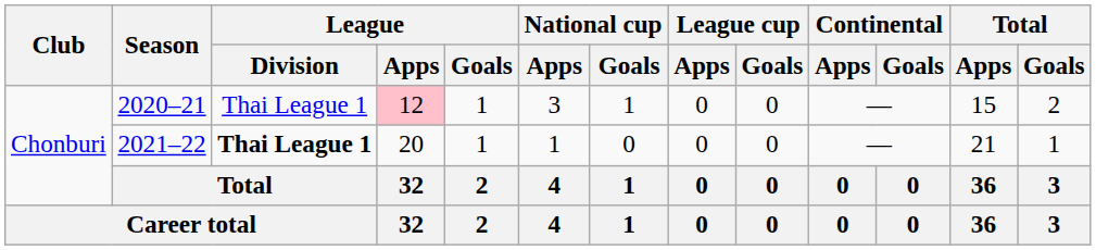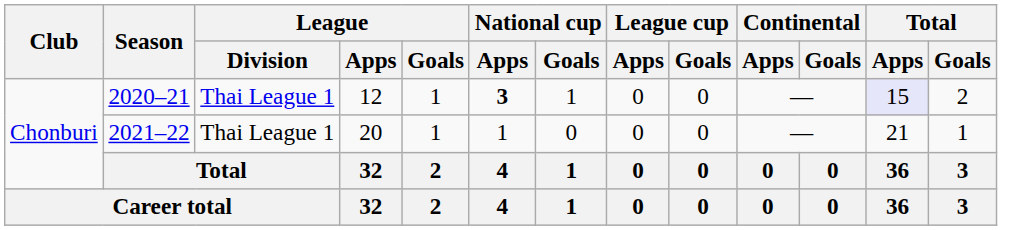 <table class="wikitable" style="text-align:center">
 <tr>
 <th rowspan="2">Club</th>
 <th rowspan="2">Season</th>
 <th colspan="3">League</th>
 <th colspan="2">National cup</th>
 <th colspan="2">League cup</th>
 <th colspan="2">Continental</th>
 <th colspan="2">Total</th>
 </tr>
 <tr>
 <th>Division</th>
 <th>Apps</th>
 <th>Goals</th>
 <th>Apps</th>
 <th>Goals</th>
 <th>Apps</th>
 <th>Goals</th>
 <th>Apps</th>
 <th>Goals</th>
 <th>Apps</th>
 <th>Goals</th>
 </tr>
 <tr>
 <td rowspan="3"><a href='#'>Chonburi</a></td>
 <td><a href='#'>2020–21</a></td>
 <td><a href='#'>Thai League 1</a></td>
-<td style="background: pink;">12</td>
+<td>12</td>
 <td>1</td>
-<td>3</td>
+<td><strong>3</strong></td>
 <td>1</td>
 <td>0</td>
 <td>0</td>
 <td colspan=2>—</td>
-<td>15</td>
+<td style="background: lavender;">15</td>
 <td>2</td>
 </tr>
 <tr>
 <td><a href='#'>2021–22</a></td>
-<td><strong>Thai League 1</strong></td>
+<td>Thai League 1</td>
 <td>20</td>
 <td>1</td>
 <td>1</td>
 <td>0</td>
 <td>0</td>
 <td>0</td>
 <td colspan=2>—</td>
 <td>21</td>
 <td>1</td>
 </tr>
 <tr>
 <th colspan="2">Total</th>
 <th>32</th>
 <th>2</th>
 <th>4</th>
 <th>1</th>
 <th>0</th>
 <th>0</th>
 <th>0</th>
 <th>0</th>
 <th>36</th>
 <th>3</th>
 </tr>
 <tr>
 <th colspan="3">Career total</th>
 <th>32</th>
 <th>2</th>
 <th>4</th>
 <th>1</th>
 <th>0</th>
 <th>0</th>
 <th>0</th>
 <th>0</th>
 <th>36</th>
 <th>3</th>
 </tr>
 </table>
